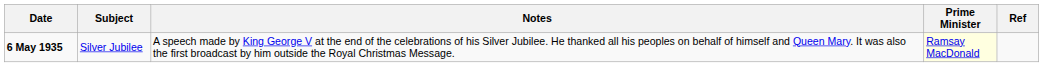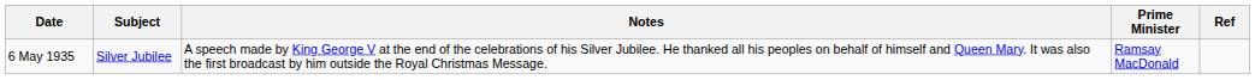 <table class="wikitable" style="width:99%">
 <tr>
 <th style="width:7%;">Date</th>
 <th style="width:7%;">Subject</th>
 <th style="width:74%;">Notes</th>
 <th style="width:7%;">Prime Minister</th>
 <th style="width:4%;">Ref</th>
 </tr>
 <tr>
-<td><strong>6 May 1935</strong></td>
+<td>6 May 1935</td>
 <td><a href='#'>Silver Jubilee</a></td>
 <td>A speech made by <a href='#'>King George V</a> at the end of the celebrations of his Silver Jubilee. He thanked all his peoples on behalf of himself and <a href='#'>Queen Mary</a>. It was also the first broadcast by him outside the Royal Christmas Message.</td>
-<td style="background: lightyellow;"><a href='#'>Ramsay MacDonald</a></td>
+<td><a href='#'>Ramsay MacDonald</a></td>
 <td></td>
 </tr>
 </table>
